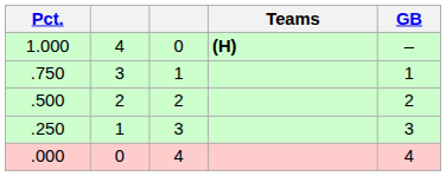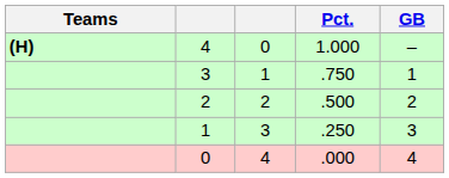 <table class="wikitable" width="400" style=text-align:center;">
 <tr>
-<th width="8%"><a href='#'>Pct.</a></th>
+<th width="20%">Teams</th>
 <th width="7%"></th>
 <th width="7%"></th>
-<th width="20%">Teams</th>
+<th width="8%"><a href='#'>Pct.</a></th>
 <th width="7%"><a href='#'>GB</a></th>
 </tr>
 <tr style="background-color:#cfc">
-<td>1.000</td>
+<td align=left> <strong>(H)</strong></td>
 <td>4</td>
 <td>0</td>
-<td align=left> <strong>(H)</strong></td>
+<td>1.000</td>
 <td>–</td>
 </tr>
 <tr style="background-color:#cfc">
-<td>.750</td>
+<td align=left></td>
 <td>3</td>
 <td>1</td>
-<td align=left></td>
+<td>.750</td>
 <td>1</td>
 </tr>
 <tr style="background-color:#cfc">
-<td>.500</td>
+<td align=left></td>
 <td>2</td>
 <td>2</td>
-<td align=left></td>
+<td>.500</td>
 <td>2</td>
 </tr>
 <tr style="background-color:#cfc">
-<td>.250</td>
+<td align=left></td>
 <td>1</td>
 <td>3</td>
-<td align=left></td>
+<td>.250</td>
 <td>3</td>
 </tr>
 <tr style="background-color:#fcc">
-<td>.000</td>
+<td align=left></td>
 <td>0</td>
 <td>4</td>
-<td align=left></td>
+<td>.000</td>
 <td>4</td>
 </tr>
 </table>
